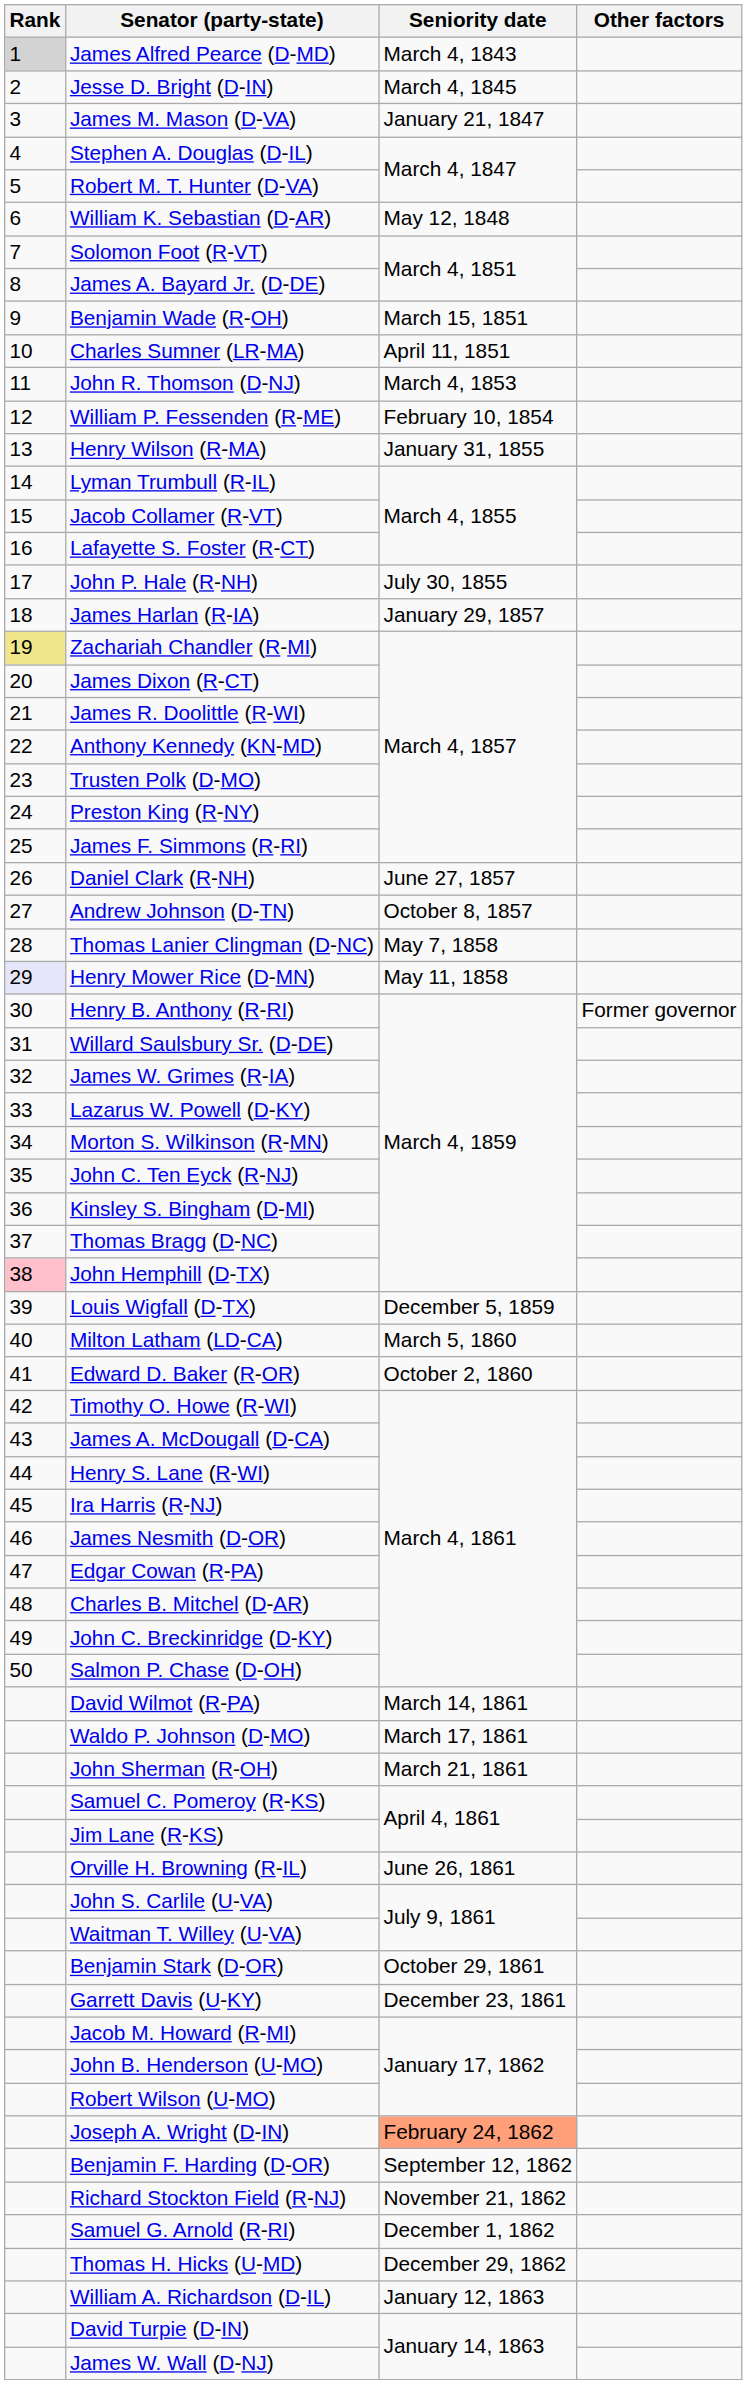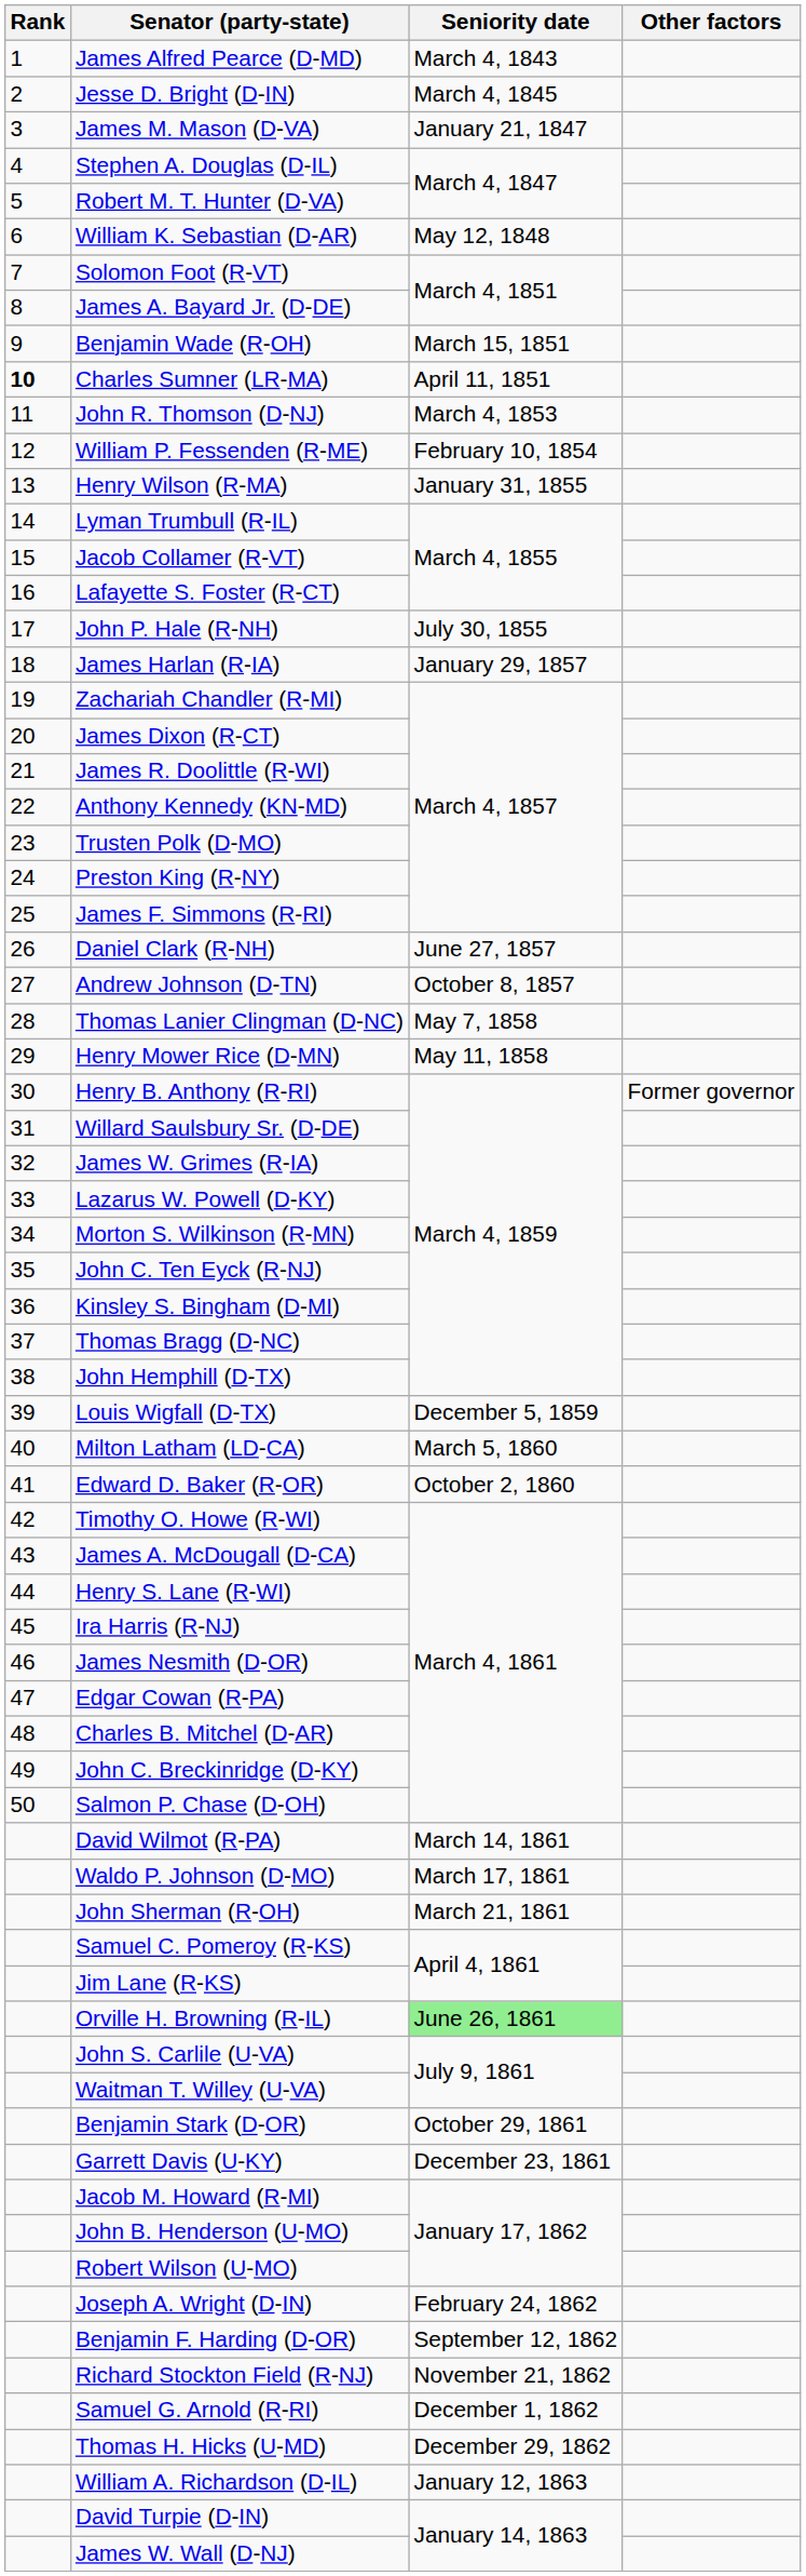 <table class=wikitable>
 <tr valign=bottom>
 <th>Rank</th>
 <th>Senator (party-state)</th>
 <th>Seniority date</th>
 <th>Other factors</th>
 </tr>
 <tr>
-<td style="background: lightgrey;">1</td>
+<td>1</td>
 <td><a href='#'>James Alfred Pearce</a> (<a href='#'>D</a>-<a href='#'>MD</a>)</td>
 <td>March 4, 1843</td>
 <td></td>
 </tr>
 <tr>
 <td>2</td>
 <td><a href='#'>Jesse D. Bright</a> (<a href='#'>D</a>-<a href='#'>IN</a>)</td>
 <td>March 4, 1845</td>
 <td></td>
 </tr>
 <tr>
 <td>3</td>
 <td><a href='#'>James M. Mason</a> (<a href='#'>D</a>-<a href='#'>VA</a>)</td>
 <td>January 21, 1847</td>
 <td></td>
 </tr>
 <tr>
 <td>4</td>
 <td><a href='#'>Stephen A. Douglas</a> (<a href='#'>D</a>-<a href='#'>IL</a>)</td>
 <td rowspan=2>March 4, 1847</td>
 <td></td>
 </tr>
 <tr>
 <td>5</td>
 <td><a href='#'>Robert M. T. Hunter</a> (<a href='#'>D</a>-<a href='#'>VA</a>)</td>
 <td></td>
 </tr>
 <tr>
 <td>6</td>
 <td><a href='#'>William K. Sebastian</a> (<a href='#'>D</a>-<a href='#'>AR</a>)</td>
 <td>May 12, 1848</td>
 <td></td>
 </tr>
 <tr>
 <td>7</td>
 <td><a href='#'>Solomon Foot</a> (<a href='#'>R</a>-<a href='#'>VT</a>)</td>
 <td rowspan=2>March 4, 1851</td>
 <td></td>
 </tr>
 <tr>
 <td>8</td>
 <td><a href='#'>James A. Bayard Jr.</a> (<a href='#'>D</a>-<a href='#'>DE</a>)</td>
 <td></td>
 </tr>
 <tr>
 <td>9</td>
 <td><a href='#'>Benjamin Wade</a> (<a href='#'>R</a>-<a href='#'>OH</a>)</td>
 <td>March 15, 1851</td>
 <td></td>
 </tr>
 <tr>
-<td>10</td>
+<td><strong>10</strong></td>
 <td><a href='#'>Charles Sumner</a> (<a href='#'>LR</a>-<a href='#'>MA</a>)</td>
 <td>April 11, 1851</td>
 <td></td>
 </tr>
 <tr>
 <td>11</td>
 <td><a href='#'>John R. Thomson</a> (<a href='#'>D</a>-<a href='#'>NJ</a>)</td>
 <td>March 4, 1853</td>
 <td></td>
 </tr>
 <tr>
 <td>12</td>
 <td><a href='#'>William P. Fessenden</a> (<a href='#'>R</a>-<a href='#'>ME</a>)</td>
 <td>February 10, 1854</td>
 <td></td>
 </tr>
 <tr>
 <td>13</td>
 <td><a href='#'>Henry Wilson</a> (<a href='#'>R</a>-<a href='#'>MA</a>)</td>
 <td>January 31, 1855</td>
 <td></td>
 </tr>
 <tr>
 <td>14</td>
 <td><a href='#'>Lyman Trumbull</a> (<a href='#'>R</a>-<a href='#'>IL</a>)</td>
 <td rowspan=3>March 4, 1855</td>
 <td></td>
 </tr>
 <tr>
 <td>15</td>
 <td><a href='#'>Jacob Collamer</a> (<a href='#'>R</a>-<a href='#'>VT</a>)</td>
 <td></td>
 </tr>
 <tr>
 <td>16</td>
 <td><a href='#'>Lafayette S. Foster</a> (<a href='#'>R</a>-<a href='#'>CT</a>)</td>
 <td></td>
 </tr>
 <tr>
 <td>17</td>
 <td><a href='#'>John P. Hale</a> (<a href='#'>R</a>-<a href='#'>NH</a>)</td>
 <td>July 30, 1855</td>
 <td></td>
 </tr>
 <tr>
 <td>18</td>
 <td><a href='#'>James Harlan</a> (<a href='#'>R</a>-<a href='#'>IA</a>)</td>
 <td>January 29, 1857</td>
 <td></td>
 </tr>
 <tr>
-<td style="background: khaki;">19</td>
+<td>19</td>
 <td><a href='#'>Zachariah Chandler</a> (<a href='#'>R</a>-<a href='#'>MI</a>)</td>
 <td rowspan=7>March 4, 1857</td>
 <td></td>
 </tr>
 <tr>
 <td>20</td>
 <td><a href='#'>James Dixon</a> (<a href='#'>R</a>-<a href='#'>CT</a>)</td>
 <td></td>
 </tr>
 <tr>
 <td>21</td>
 <td><a href='#'>James R. Doolittle</a> (<a href='#'>R</a>-<a href='#'>WI</a>)</td>
 <td></td>
 </tr>
 <tr>
 <td>22</td>
 <td><a href='#'>Anthony Kennedy</a> (<a href='#'>KN</a>-<a href='#'>MD</a>)</td>
 <td></td>
 </tr>
 <tr>
 <td>23</td>
 <td><a href='#'>Trusten Polk</a> (<a href='#'>D</a>-<a href='#'>MO</a>)</td>
 <td></td>
 </tr>
 <tr>
 <td>24</td>
 <td><a href='#'>Preston King</a> (<a href='#'>R</a>-<a href='#'>NY</a>)</td>
 <td></td>
 </tr>
 <tr>
 <td>25</td>
 <td><a href='#'>James F. Simmons</a> (<a href='#'>R</a>-<a href='#'>RI</a>)</td>
 <td></td>
 </tr>
 <tr>
 <td>26</td>
 <td><a href='#'>Daniel Clark</a> (<a href='#'>R</a>-<a href='#'>NH</a>)</td>
 <td>June 27, 1857</td>
 <td></td>
 </tr>
 <tr>
 <td>27</td>
 <td><a href='#'>Andrew Johnson</a> (<a href='#'>D</a>-<a href='#'>TN</a>)</td>
 <td>October 8, 1857</td>
 <td></td>
 </tr>
 <tr>
 <td>28</td>
 <td><a href='#'>Thomas Lanier Clingman</a> (<a href='#'>D</a>-<a href='#'>NC</a>)</td>
 <td>May 7, 1858</td>
 <td></td>
 </tr>
 <tr>
-<td style="background: lavender;">29</td>
+<td>29</td>
 <td><a href='#'>Henry Mower Rice</a> (<a href='#'>D</a>-<a href='#'>MN</a>)</td>
 <td>May 11, 1858</td>
 <td></td>
 </tr>
 <tr>
 <td>30</td>
 <td><a href='#'>Henry B. Anthony</a> (<a href='#'>R</a>-<a href='#'>RI</a>)</td>
 <td rowspan=9>March 4, 1859</td>
 <td>Former governor</td>
 </tr>
 <tr>
 <td>31</td>
 <td><a href='#'>Willard Saulsbury Sr.</a> (<a href='#'>D</a>-<a href='#'>DE</a>)</td>
 <td></td>
 </tr>
 <tr>
 <td>32</td>
 <td><a href='#'>James W. Grimes</a> (<a href='#'>R</a>-<a href='#'>IA</a>)</td>
 <td></td>
 </tr>
 <tr>
 <td>33</td>
 <td><a href='#'>Lazarus W. Powell</a> (<a href='#'>D</a>-<a href='#'>KY</a>)</td>
 <td></td>
 </tr>
 <tr>
 <td>34</td>
 <td><a href='#'>Morton S. Wilkinson</a> (<a href='#'>R</a>-<a href='#'>MN</a>)</td>
 <td></td>
 </tr>
 <tr>
 <td>35</td>
 <td><a href='#'>John C. Ten Eyck</a> (<a href='#'>R</a>-<a href='#'>NJ</a>)</td>
 <td></td>
 </tr>
 <tr>
 <td>36</td>
 <td><a href='#'>Kinsley S. Bingham</a> (<a href='#'>D</a>-<a href='#'>MI</a>)</td>
 <td></td>
 </tr>
 <tr>
 <td>37</td>
 <td><a href='#'>Thomas Bragg</a> (<a href='#'>D</a>-<a href='#'>NC</a>)</td>
 <td></td>
 </tr>
 <tr>
-<td style="background: pink;">38</td>
+<td>38</td>
 <td><a href='#'>John Hemphill</a> (<a href='#'>D</a>-<a href='#'>TX</a>)</td>
 <td></td>
 </tr>
 <tr>
 <td>39</td>
 <td><a href='#'>Louis Wigfall</a> (<a href='#'>D</a>-<a href='#'>TX</a>)</td>
 <td>December 5, 1859</td>
 <td></td>
 </tr>
 <tr>
 <td>40</td>
 <td><a href='#'>Milton Latham</a> (<a href='#'>LD</a>-<a href='#'>CA</a>)</td>
 <td>March 5, 1860</td>
 <td></td>
 </tr>
 <tr>
 <td>41</td>
 <td><a href='#'>Edward D. Baker</a> (<a href='#'>R</a>-<a href='#'>OR</a>)</td>
 <td>October 2, 1860</td>
 <td></td>
 </tr>
 <tr>
 <td>42</td>
 <td><a href='#'>Timothy O. Howe</a> (<a href='#'>R</a>-<a href='#'>WI</a>)</td>
 <td rowspan=9>March 4, 1861</td>
 <td></td>
 </tr>
 <tr>
 <td>43</td>
 <td><a href='#'>James A. McDougall</a> (<a href='#'>D</a>-<a href='#'>CA</a>)</td>
 <td></td>
 </tr>
 <tr>
 <td>44</td>
 <td><a href='#'>Henry S. Lane</a> (<a href='#'>R</a>-<a href='#'>WI</a>)</td>
 <td></td>
 </tr>
 <tr>
 <td>45</td>
 <td><a href='#'>Ira Harris</a> (<a href='#'>R</a>-<a href='#'>NJ</a>)</td>
 <td></td>
 </tr>
 <tr>
 <td>46</td>
 <td><a href='#'>James Nesmith</a> (<a href='#'>D</a>-<a href='#'>OR</a>)</td>
 <td></td>
 </tr>
 <tr>
 <td>47</td>
 <td><a href='#'>Edgar Cowan</a> (<a href='#'>R</a>-<a href='#'>PA</a>)</td>
 <td></td>
 </tr>
 <tr>
 <td>48</td>
 <td><a href='#'>Charles B. Mitchel</a> (<a href='#'>D</a>-<a href='#'>AR</a>)</td>
 <td></td>
 </tr>
 <tr>
 <td>49</td>
 <td><a href='#'>John C. Breckinridge</a> (<a href='#'>D</a>-<a href='#'>KY</a>)</td>
 <td></td>
 </tr>
 <tr>
 <td>50</td>
 <td><a href='#'>Salmon P. Chase</a> (<a href='#'>D</a>-<a href='#'>OH</a>)</td>
 <td></td>
 </tr>
 <tr>
 <td></td>
 <td><a href='#'>David Wilmot</a> (<a href='#'>R</a>-<a href='#'>PA</a>)</td>
 <td>March 14, 1861</td>
 <td></td>
 </tr>
 <tr>
 <td></td>
 <td><a href='#'>Waldo P. Johnson</a> (<a href='#'>D</a>-<a href='#'>MO</a>)</td>
 <td>March 17, 1861</td>
 <td></td>
 </tr>
 <tr>
 <td></td>
 <td><a href='#'>John Sherman</a> (<a href='#'>R</a>-<a href='#'>OH</a>)</td>
 <td>March 21, 1861</td>
 <td></td>
 </tr>
 <tr>
 <td></td>
 <td><a href='#'>Samuel C. Pomeroy</a> (<a href='#'>R</a>-<a href='#'>KS</a>)</td>
 <td rowspan=2>April 4, 1861</td>
 <td></td>
 </tr>
 <tr>
 <td></td>
 <td><a href='#'>Jim Lane</a> (<a href='#'>R</a>-<a href='#'>KS</a>)</td>
 <td></td>
 </tr>
 <tr>
 <td></td>
 <td><a href='#'>Orville H. Browning</a> (<a href='#'>R</a>-<a href='#'>IL</a>)</td>
-<td>June 26, 1861</td>
+<td style="background: lightgreen;">June 26, 1861</td>
 <td></td>
 </tr>
 <tr>
 <td></td>
 <td><a href='#'>John S. Carlile</a> (<a href='#'>U</a>-<a href='#'>VA</a>)</td>
 <td rowspan=2>July 9, 1861</td>
 <td></td>
 </tr>
 <tr>
 <td></td>
 <td><a href='#'>Waitman T. Willey</a> (<a href='#'>U</a>-<a href='#'>VA</a>)</td>
 <td></td>
 </tr>
 <tr>
 <td></td>
 <td><a href='#'>Benjamin Stark</a> (<a href='#'>D</a>-<a href='#'>OR</a>)</td>
 <td>October 29, 1861</td>
 <td></td>
 </tr>
 <tr>
 <td></td>
 <td><a href='#'>Garrett Davis</a> (<a href='#'>U</a>-<a href='#'>KY</a>)</td>
 <td>December 23, 1861</td>
 <td></td>
 </tr>
 <tr>
 <td></td>
 <td><a href='#'>Jacob M. Howard</a> (<a href='#'>R</a>-<a href='#'>MI</a>)</td>
 <td rowspan=3>January 17, 1862</td>
 <td></td>
 </tr>
 <tr>
 <td></td>
 <td><a href='#'>John B. Henderson</a> (<a href='#'>U</a>-<a href='#'>MO</a>)</td>
 <td></td>
 </tr>
 <tr>
 <td></td>
 <td><a href='#'>Robert Wilson</a> (<a href='#'>U</a>-<a href='#'>MO</a>)</td>
 <td></td>
 </tr>
 <tr>
 <td></td>
 <td><a href='#'>Joseph A. Wright</a> (<a href='#'>D</a>-<a href='#'>IN</a>)</td>
-<td style="background: lightsalmon;">February 24, 1862</td>
+<td>February 24, 1862</td>
 <td></td>
 </tr>
 <tr>
 <td></td>
 <td><a href='#'>Benjamin F. Harding</a> (<a href='#'>D</a>-<a href='#'>OR</a>)</td>
 <td>September 12, 1862</td>
 <td></td>
 </tr>
 <tr>
 <td></td>
 <td><a href='#'>Richard Stockton Field</a> (<a href='#'>R</a>-<a href='#'>NJ</a>)</td>
 <td>November 21, 1862</td>
 <td></td>
 </tr>
 <tr>
 <td></td>
 <td><a href='#'>Samuel G. Arnold</a> (<a href='#'>R</a>-<a href='#'>RI</a>)</td>
 <td>December 1, 1862</td>
 <td></td>
 </tr>
 <tr>
 <td></td>
 <td><a href='#'>Thomas H. Hicks</a> (<a href='#'>U</a>-<a href='#'>MD</a>)</td>
 <td>December 29, 1862</td>
 <td></td>
 </tr>
 <tr>
 <td></td>
 <td><a href='#'>William A. Richardson</a> (<a href='#'>D</a>-<a href='#'>IL</a>)</td>
 <td>January 12, 1863</td>
 <td></td>
 </tr>
 <tr>
 <td></td>
 <td><a href='#'>David Turpie</a> (<a href='#'>D</a>-<a href='#'>IN</a>)</td>
 <td rowspan=2>January 14, 1863</td>
 <td></td>
 </tr>
 <tr>
 <td></td>
 <td><a href='#'>James W. Wall</a> (<a href='#'>D</a>-<a href='#'>NJ</a>)</td>
 <td></td>
 </tr>
 <tr>
 </tr>
 </table>
